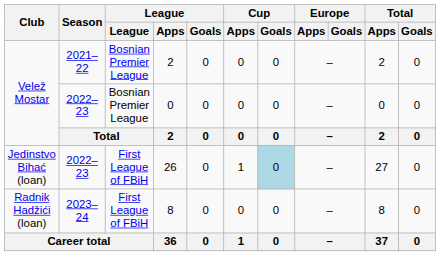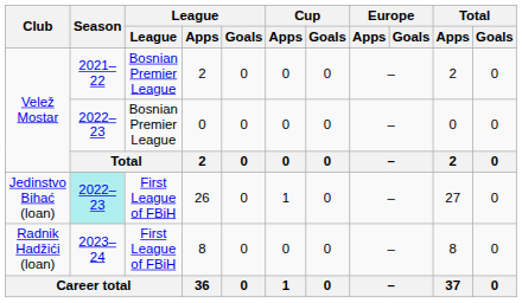 <table class="wikitable" style="text-align:center">
 <tr>
 <th rowspan="2">Club</th>
 <th rowspan="2">Season</th>
 <th colspan="3">League</th>
 <th colspan="2">Cup</th>
 <th colspan="2">Europe</th>
 <th colspan="2">Total</th>
 </tr>
 <tr>
 <th>League</th>
 <th>Apps</th>
 <th>Goals</th>
 <th>Apps</th>
 <th>Goals</th>
 <th>Apps</th>
 <th>Goals</th>
 <th>Apps</th>
 <th>Goals</th>
 </tr>
 <tr>
 <td rowspan="3"><a href='#'>Velež Mostar</a></td>
 <td><a href='#'>2021–22</a></td>
 <td><a href='#'>Bosnian Premier League</a></td>
 <td>2</td>
 <td>0</td>
 <td>0</td>
 <td>0</td>
 <td colspan="2">–</td>
 <td>2</td>
 <td>0</td>
 </tr>
 <tr>
 <td><a href='#'>2022–23</a></td>
 <td>Bosnian Premier League</td>
 <td>0</td>
 <td>0</td>
 <td>0</td>
 <td>0</td>
 <td colspan="2">–</td>
 <td>0</td>
 <td>0</td>
 </tr>
 <tr>
 <th colspan="2">Total</th>
 <th>2</th>
 <th>0</th>
 <th>0</th>
 <th>0</th>
 <th colspan="2">–</th>
 <th>2</th>
 <th>0</th>
 </tr>
 <tr>
 <td><a href='#'>Jedinstvo Bihać</a> (loan)</td>
-<td><a href='#'>2022–23</a></td>
+<td style="background: paleturquoise;"><a href='#'>2022–23</a></td>
 <td><a href='#'>First League of FBiH</a></td>
 <td>26</td>
 <td>0</td>
 <td>1</td>
-<td style="background: lightblue;">0</td>
+<td>0</td>
 <td colspan="2">–</td>
 <td>27</td>
 <td>0</td>
 </tr>
 <tr>
 <td><a href='#'>Radnik Hadžići</a> (loan)</td>
 <td><a href='#'>2023–24</a></td>
 <td><a href='#'>First League of FBiH</a></td>
 <td>8</td>
 <td>0</td>
 <td>0</td>
 <td>0</td>
 <td colspan="2">–</td>
 <td>8</td>
 <td>0</td>
 </tr>
 <tr>
 <th colspan="3">Career total</th>
 <th>36</th>
 <th>0</th>
 <th>1</th>
 <th>0</th>
 <th colspan="2">–</th>
 <th>37</th>
 <th>0</th>
 </tr>
 </table>
